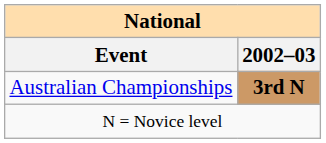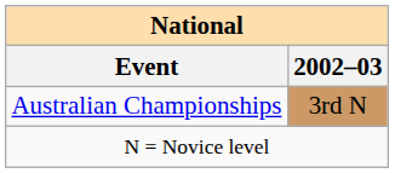 <table class="wikitable" style="text-align:center">
 <tr>
 <th style="background-color: #ffdead; " colspan=2 align=center>National</th>
 </tr>
 <tr>
 <th>Event</th>
 <th>2002–03</th>
 </tr>
 <tr>
 <td align=left><a href='#'>Australian Championships</a></td>
-<td bgcolor=cc9966><strong>3rd N</strong></td>
+<td bgcolor=cc9966>3rd N</td>
 </tr>
 <tr>
 <td colspan=2 align=center><small> N = Novice level </small></td>
 </tr>
 </table>
